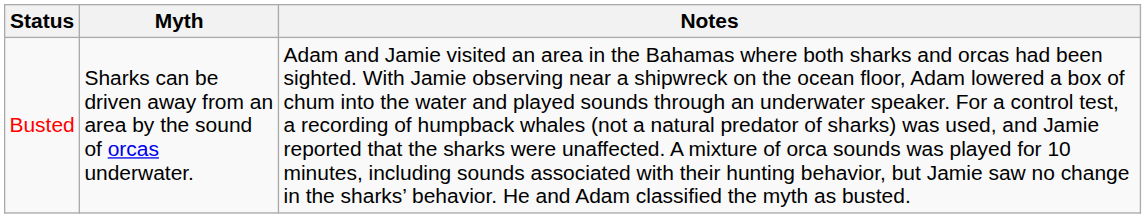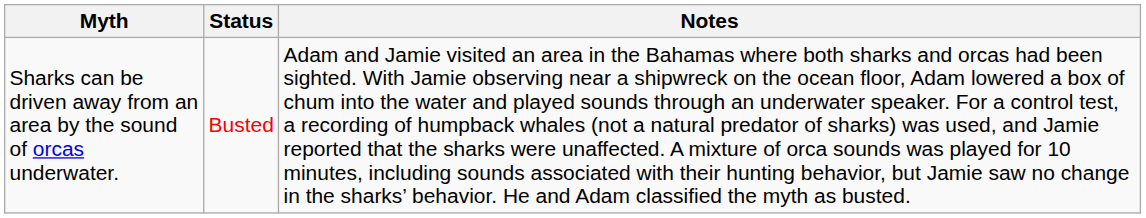 <table class="wikitable plainrowheaders">
 <tr>
+<th scope"col">Myth</th>
 <th scope"col">Status</th>
-<th scope"col">Myth</th>
 <th scope"col">Notes</th>
 </tr>
 <tr>
+<td scope"row">Sharks can be driven away from an area by the sound of <a href='#'>orcas</a> underwater.</td>
 <td style="color:red">Busted</td>
-<td scope"row">Sharks can be driven away from an area by the sound of <a href='#'>orcas</a> underwater.</td>
 <td>Adam and Jamie visited an area in the Bahamas where both sharks and orcas had been sighted. With Jamie observing near a shipwreck on the ocean floor, Adam lowered a box of chum into the water and played sounds through an underwater speaker. For a control test, a recording of humpback whales (not a natural predator of sharks) was used, and Jamie reported that the sharks were unaffected. A mixture of orca sounds was played for 10 minutes, including sounds associated with their hunting behavior, but Jamie saw no change in the sharks’ behavior. He and Adam classified the myth as busted.</td>
 </tr>
 </table>
